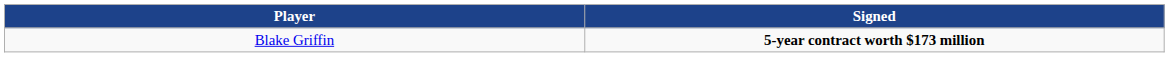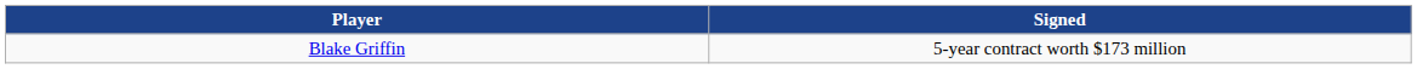 <table class="wikitable sortable sortable">
 <tr>
 <th style="background:#1d428a; color:white" width="10%">Player</th>
 <th style="background:#1d428a; color:white" width="10%">Signed</th>
 </tr>
 <tr style="text-align: center">
 <td><a href='#'>Blake Griffin</a></td>
-<td><strong>5-year contract worth $173 million</strong></td>
+<td>5-year contract worth $173 million</td>
 </tr>
 </table>
